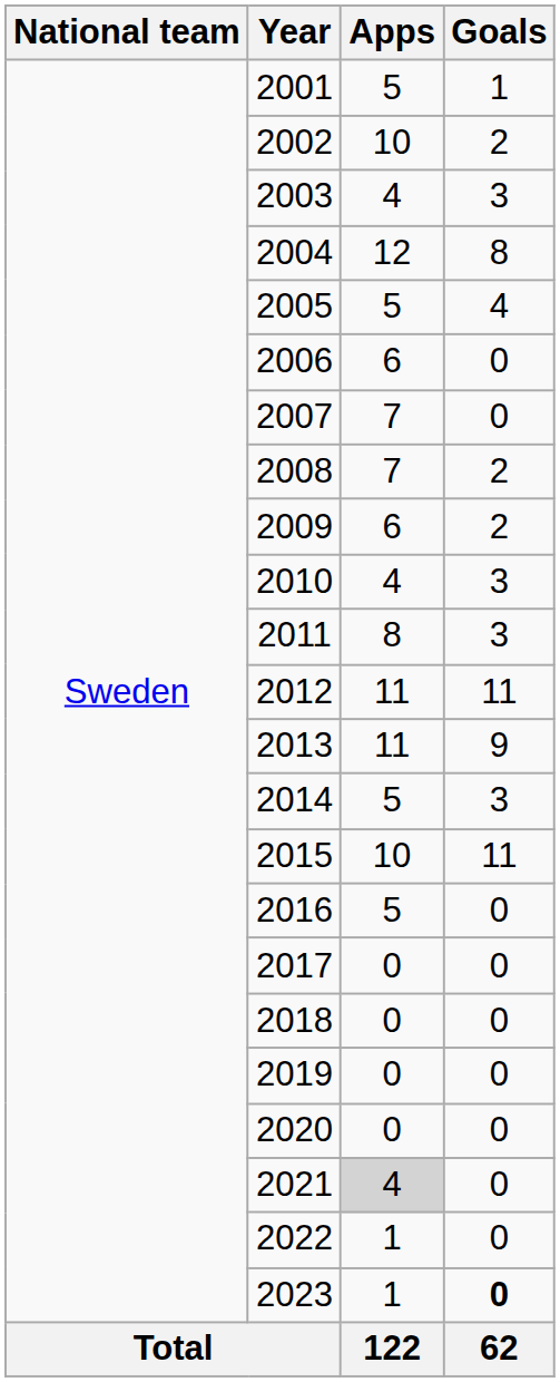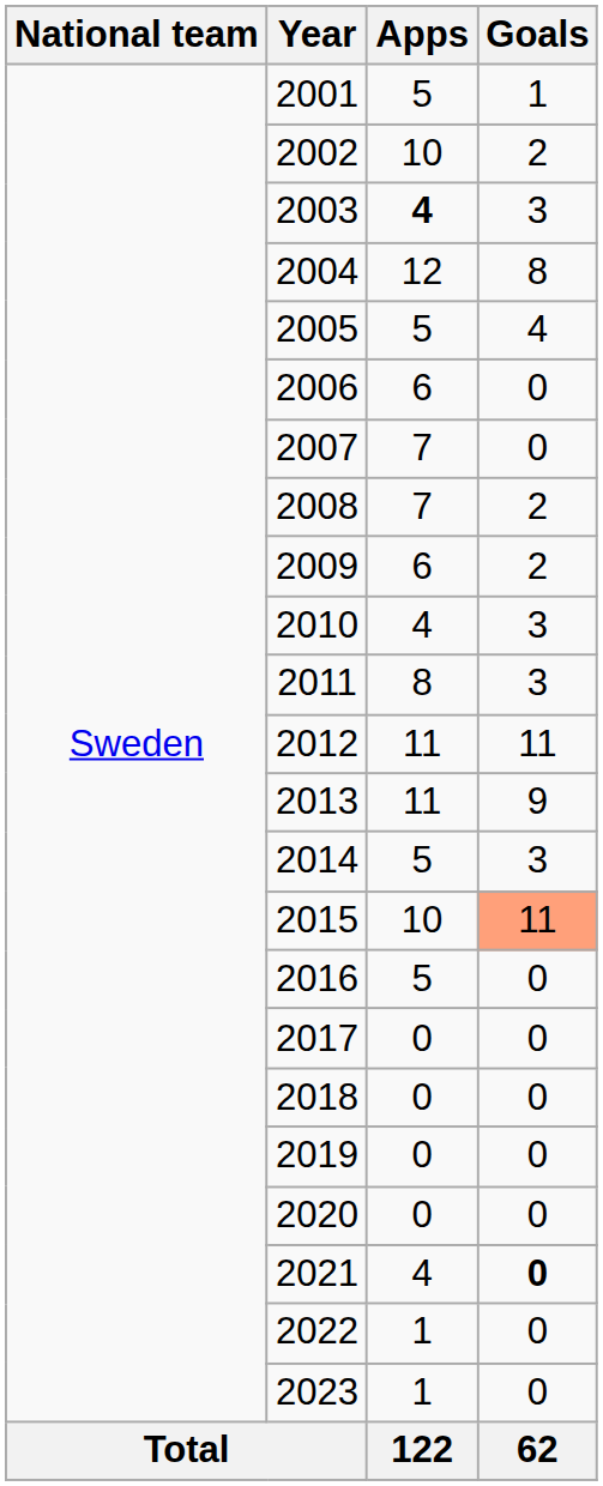 <table class="wikitable" style="text-align:center">
 <tr>
 <th>National team</th>
 <th>Year</th>
 <th>Apps</th>
 <th>Goals</th>
 </tr>
 <tr>
 <td rowspan="23"><a href='#'>Sweden</a></td>
 <td>2001</td>
 <td>5</td>
 <td>1</td>
 </tr>
 <tr>
 <td>2002</td>
 <td>10</td>
 <td>2</td>
 </tr>
 <tr>
 <td>2003</td>
-<td>4</td>
+<td><strong>4</strong></td>
 <td>3</td>
 </tr>
 <tr>
 <td>2004</td>
 <td>12</td>
 <td>8</td>
 </tr>
 <tr>
 <td>2005</td>
 <td>5</td>
 <td>4</td>
 </tr>
 <tr>
 <td>2006</td>
 <td>6</td>
 <td>0</td>
 </tr>
 <tr>
 <td>2007</td>
 <td>7</td>
 <td>0</td>
 </tr>
 <tr>
 <td>2008</td>
 <td>7</td>
 <td>2</td>
 </tr>
 <tr>
 <td>2009</td>
 <td>6</td>
 <td>2</td>
 </tr>
 <tr>
 <td>2010</td>
 <td>4</td>
 <td>3</td>
 </tr>
 <tr>
 <td>2011</td>
 <td>8</td>
 <td>3</td>
 </tr>
 <tr>
 <td>2012</td>
 <td>11</td>
 <td>11</td>
 </tr>
 <tr>
 <td>2013</td>
 <td>11</td>
 <td>9</td>
 </tr>
 <tr>
 <td>2014</td>
 <td>5</td>
 <td>3</td>
 </tr>
 <tr>
 <td>2015</td>
 <td>10</td>
-<td>11</td>
+<td style="background: lightsalmon;">11</td>
 </tr>
 <tr>
 <td>2016</td>
 <td>5</td>
 <td>0</td>
 </tr>
 <tr>
 <td>2017</td>
 <td>0</td>
 <td>0</td>
 </tr>
 <tr>
 <td>2018</td>
 <td>0</td>
 <td>0</td>
 </tr>
 <tr>
 <td>2019</td>
 <td>0</td>
 <td>0</td>
 </tr>
 <tr>
 <td>2020</td>
 <td>0</td>
 <td>0</td>
 </tr>
 <tr>
 <td>2021</td>
-<td style="background: lightgrey;">4</td>
-<td>0</td>
+<td>4</td>
+<td><strong>0</strong></td>
 </tr>
 <tr>
 <td>2022</td>
 <td>1</td>
 <td>0</td>
 </tr>
 <tr>
 <td>2023</td>
 <td>1</td>
-<td><strong>0</strong></td>
+<td>0</td>
 </tr>
 <tr>
 <th colspan=2>Total</th>
 <th>122</th>
 <th>62</th>
 </tr>
 </table>
